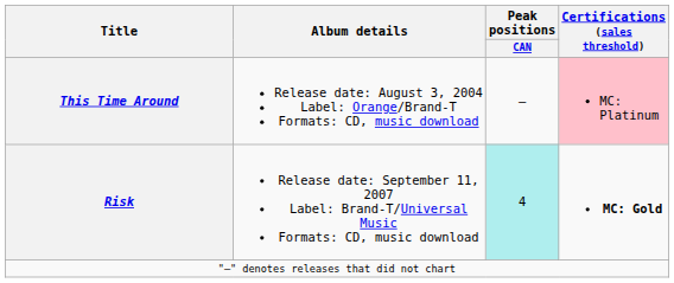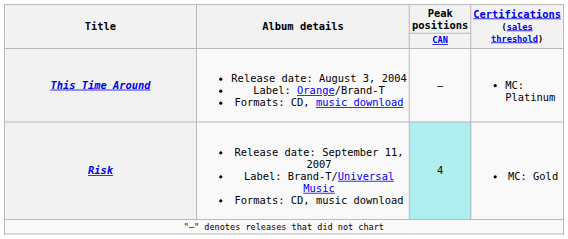 <table class="wikitable plainrowheaders" style="text-align:center;">
 <tr>
 <th rowspan="2" style="width:18em;">Title</th>
 <th rowspan="2" style="width:20em;">Album details</th>
 <th colspan="1">Peak positions</th>
 <th rowspan="2" style="width:8em;"><a href='#'>Certifications</a><br><small>(<a href='#'>sales threshold</a>)</small></th>
 </tr>
 <tr style="font-size:smaller;">
 <th style="width:4em;"><a href='#'>CAN</a><br></th>
 </tr>
 <tr>
 <th scope="row"><em><a href='#'>This Time Around</a></em></th>
 <td><br><ul><li>Release date: August 3, 2004</li><li>Label: <a href='#'>Orange</a>/Brand-T</li><li>Formats: CD, <a href='#'>music download</a></li></ul></td>
 <td>—</td>
-<td align="left" style="background: pink;"><br><ul><li>MC: Platinum</li></ul></td>
+<td align="left"><br><ul><li>MC: Platinum</li></ul></td>
 </tr>
 <tr>
 <th scope="row"><em><a href='#'>Risk</a></em></th>
 <td><br><ul><li>Release date: September 11, 2007</li><li>Label: Brand-T/<a href='#'>Universal Music</a></li><li>Formats: CD, music download</li></ul></td>
 <td style="background: paleturquoise;">4</td>
-<td><strong><br><ul><li>MC: Gold</li></ul></strong></td>
+<td><br><ul><li>MC: Gold</li></ul></td>
 </tr>
 <tr>
 <td colspan="10" style="font-size:8pt">"—" denotes releases that did not chart</td>
 </tr>
 </table>
